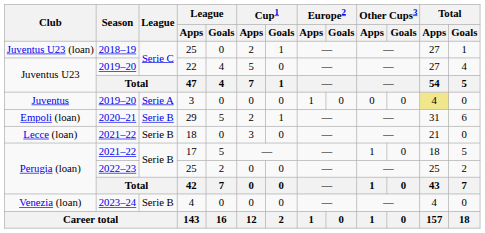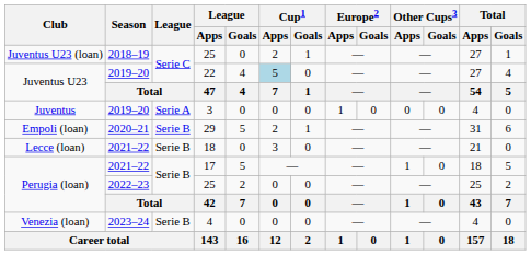 <table class="wikitable" style="text-align:center">
 <tr>
 <th rowspan=2>Club</th>
 <th rowspan=2>Season</th>
 <th rowspan=2>League</th>
 <th colspan=2>League</th>
 <th colspan=2>Cup<sup><a href='#'>1</a></sup></th>
 <th colspan=2>Europe<sup><a href='#'>2</a></sup></th>
 <th colspan=2>Other Cups<sup><a href='#'>3</a></sup></th>
 <th colspan=2>Total</th>
 </tr>
 <tr>
 <th>Apps</th>
 <th>Goals</th>
 <th>Apps</th>
 <th>Goals</th>
 <th>Apps</th>
 <th>Goals</th>
 <th>Apps</th>
 <th>Goals</th>
 <th>Apps</th>
 <th>Goals</th>
 </tr>
 <tr>
 <td rowspan="1"><a href='#'>Juventus U23</a> (loan)</td>
 <td><a href='#'>2018–19</a></td>
 <td rowspan="2"><a href='#'>Serie C</a></td>
 <td>25</td>
 <td>0</td>
 <td>2</td>
 <td>1</td>
 <td colspan="2">—</td>
 <td colspan="2">—</td>
 <td>27</td>
 <td>1</td>
 </tr>
 <tr>
 <td rowspan="2">Juventus U23</td>
 <td><a href='#'>2019–20</a></td>
 <td>22</td>
 <td>4</td>
-<td>5</td>
+<td style="background: lightblue;">5</td>
 <td>0</td>
 <td colspan="2">—</td>
 <td colspan="2">—</td>
 <td>27</td>
 <td>4</td>
 </tr>
 <tr>
 <th colspan="2">Total</th>
 <th>47</th>
 <th>4</th>
 <th>7</th>
 <th>1</th>
 <th colspan="2">—</th>
 <th colspan="2">—</th>
 <th>54</th>
 <th>5</th>
 </tr>
 <tr>
 <td rowspan="1"><a href='#'>Juventus</a></td>
 <td><a href='#'>2019–20</a></td>
 <td rowspan="1"><a href='#'>Serie A</a></td>
 <td>3</td>
 <td>0</td>
 <td>0</td>
 <td>0</td>
 <td>1</td>
 <td>0</td>
 <td>0</td>
 <td>0</td>
-<td style="background: khaki;">4</td>
+<td>4</td>
 <td>0</td>
 </tr>
 <tr>
 <td rowspan="1"><a href='#'>Empoli</a> (loan)</td>
 <td><a href='#'>2020–21</a></td>
 <td rowspan="1"><a href='#'>Serie B</a></td>
 <td>29</td>
 <td>5</td>
 <td>2</td>
 <td>1</td>
 <td colspan="2">—</td>
 <td colspan="2">—</td>
 <td>31</td>
 <td>6</td>
 </tr>
 <tr>
 <td rowspan="1"><a href='#'>Lecce</a> (loan)</td>
 <td><a href='#'>2021–22</a></td>
 <td rowspan="1">Serie B</td>
 <td>18</td>
 <td>0</td>
 <td>3</td>
 <td>0</td>
 <td colspan="2">—</td>
 <td colspan="2">—</td>
 <td>21</td>
 <td>0</td>
 </tr>
 <tr>
 <td rowspan="3"><a href='#'>Perugia</a> (loan)</td>
 <td><a href='#'>2021–22</a></td>
 <td rowspan="2">Serie B</td>
 <td>17</td>
 <td>5</td>
 <td colspan="2">—</td>
 <td colspan="2">—</td>
 <td>1</td>
 <td>0</td>
 <td>18</td>
 <td>5</td>
 </tr>
 <tr>
 <td><a href='#'>2022–23</a></td>
 <td>25</td>
 <td>2</td>
 <td>0</td>
 <td>0</td>
 <td colspan="2">—</td>
 <td colspan="2">—</td>
 <td>25</td>
 <td>2</td>
 </tr>
 <tr>
 <th colspan="2">Total</th>
 <th>42</th>
 <th>7</th>
 <th>0</th>
 <th>0</th>
 <th colspan="2">—</th>
 <th>1</th>
 <th>0</th>
 <th>43</th>
 <th>7</th>
 </tr>
 <tr>
 <td rowspan="1"><a href='#'>Venezia</a> (loan)</td>
 <td><a href='#'>2023–24</a></td>
 <td rowspan="1">Serie B</td>
 <td>4</td>
 <td>0</td>
 <td>0</td>
 <td>0</td>
 <td colspan="2">—</td>
 <td colspan="2">—</td>
 <td>4</td>
 <td>0</td>
 </tr>
 <tr>
 <th colspan="3">Career total</th>
 <th>143</th>
 <th>16</th>
 <th>12</th>
 <th>2</th>
 <th>1</th>
 <th>0</th>
 <th>1</th>
 <th>0</th>
 <th>157</th>
 <th>18</th>
 </tr>
 </table>
